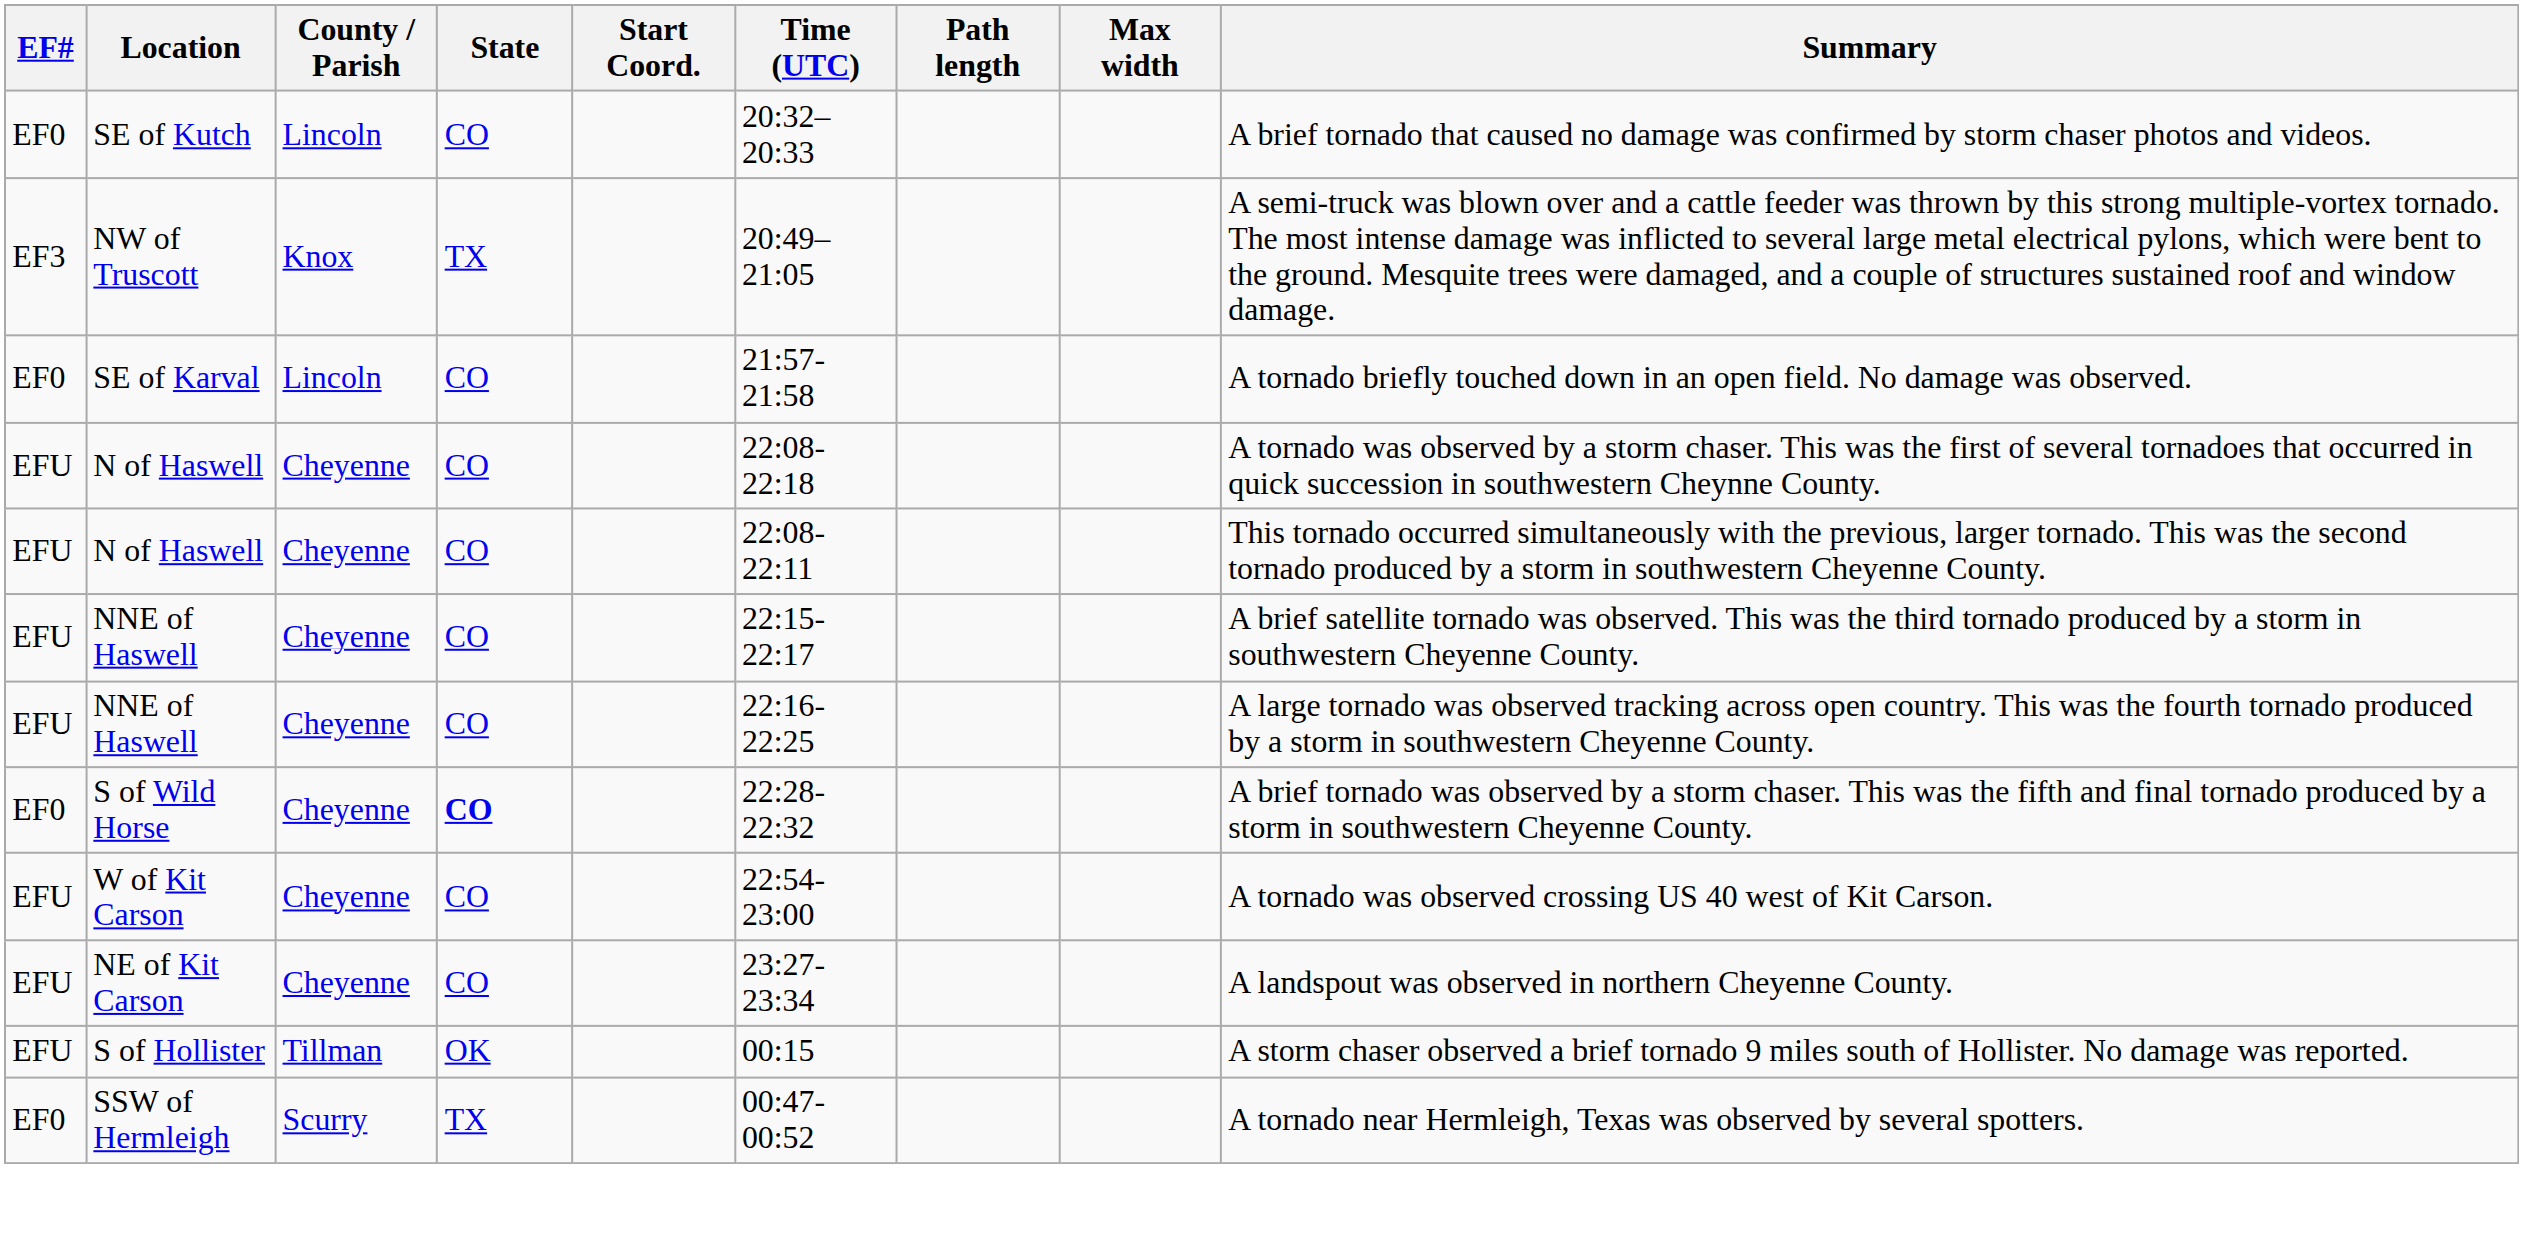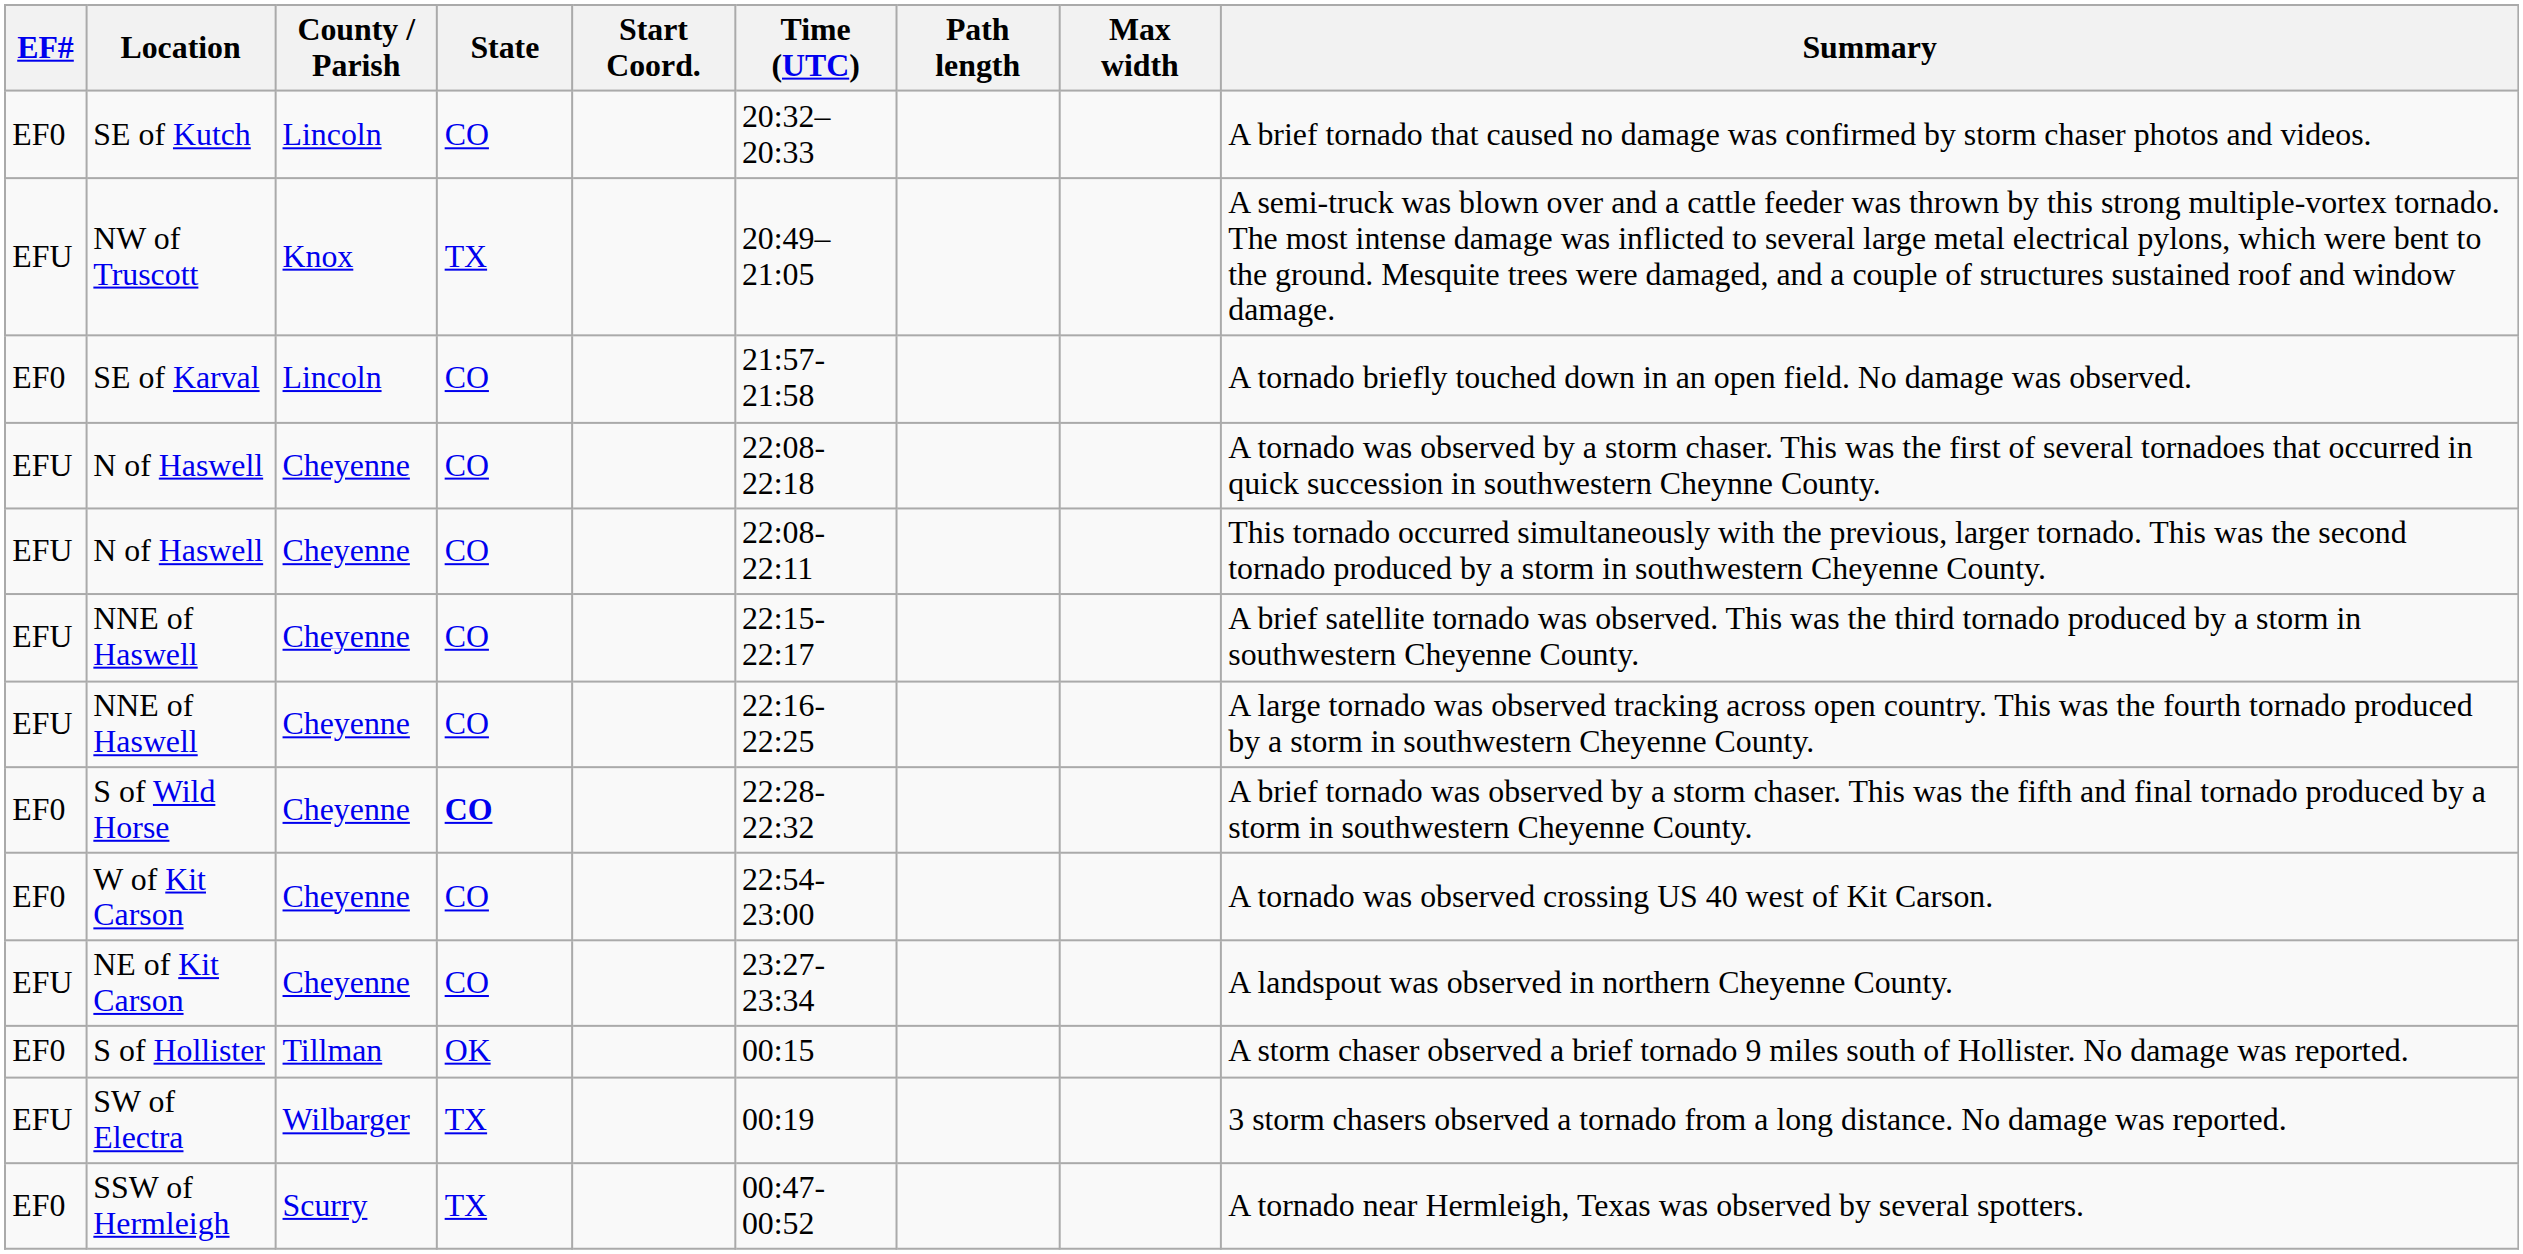 <table class="wikitable sortable" style="width:100%;">
 <tr>
 <th scope="col"  style="width:3%; text-align:center;"><a href='#'>EF#</a></th>
 <th scope="col"  style="width:7%; text-align:center;" class="unsortable">Location</th>
 <th scope="col"  style="width:6%; text-align:center;" class="unsortable">County / Parish</th>
 <th scope="col"  style="width:5%; text-align:center;">State</th>
 <th scope="col"  style="width:6%; text-align:center;">Start Coord.</th>
 <th scope="col"  style="width:6%; text-align:center;">Time (<a href='#'>UTC</a>)</th>
 <th scope="col"  style="width:6%; text-align:center;">Path length</th>
 <th scope="col"  style="width:6%; text-align:center;">Max width</th>
 <th scope="col" class="unsortable" style="width:48%; text-align:center;">Summary</th>
 </tr>
 <tr>
 <td>EF0</td>
 <td>SE of <a href='#'>Kutch</a></td>
 <td><a href='#'>Lincoln</a></td>
 <td><a href='#'>CO</a></td>
 <td></td>
 <td>20:32–20:33</td>
 <td></td>
 <td></td>
 <td>A brief tornado that caused no damage was confirmed by storm chaser photos and videos.</td>
 </tr>
 <tr>
-<td>EF3</td>
+<td>EFU</td>
 <td>NW of <a href='#'>Truscott</a></td>
 <td><a href='#'>Knox</a></td>
 <td><a href='#'>TX</a></td>
 <td></td>
 <td>20:49–21:05</td>
 <td></td>
 <td></td>
 <td>A semi-truck was blown over and a  cattle feeder was thrown  by this strong multiple-vortex tornado. The most intense damage was inflicted to several large metal electrical pylons, which were bent to the ground. Mesquite trees were damaged, and a couple of structures sustained roof and window damage.</td>
 </tr>
 <tr>
 <td>EF0</td>
 <td>SE of <a href='#'>Karval</a></td>
 <td><a href='#'>Lincoln</a></td>
 <td><a href='#'>CO</a></td>
 <td></td>
 <td>21:57-21:58</td>
 <td></td>
 <td></td>
 <td>A tornado briefly touched down in an open field. No damage was observed.</td>
 </tr>
 <tr>
 <td>EFU</td>
 <td>N of <a href='#'>Haswell</a></td>
 <td><a href='#'>Cheyenne</a></td>
 <td><a href='#'>CO</a></td>
 <td></td>
 <td>22:08-22:18</td>
 <td></td>
 <td></td>
 <td>A tornado was observed by a storm chaser. This was the first of several tornadoes that occurred in quick succession in southwestern Cheynne County.</td>
 </tr>
 <tr>
 <td>EFU</td>
 <td>N of <a href='#'>Haswell</a></td>
 <td><a href='#'>Cheyenne</a></td>
 <td><a href='#'>CO</a></td>
 <td></td>
 <td>22:08-22:11</td>
 <td></td>
 <td></td>
 <td>This tornado occurred simultaneously with the previous, larger tornado. This was the second tornado produced by a storm in southwestern Cheyenne County.</td>
 </tr>
 <tr>
 <td>EFU</td>
 <td>NNE of <a href='#'>Haswell</a></td>
 <td><a href='#'>Cheyenne</a></td>
 <td><a href='#'>CO</a></td>
 <td></td>
 <td>22:15-22:17</td>
 <td></td>
 <td></td>
 <td>A brief satellite tornado was observed. This was the third tornado produced by a storm in southwestern Cheyenne County.</td>
 </tr>
 <tr>
 <td>EFU</td>
 <td>NNE of <a href='#'>Haswell</a></td>
 <td><a href='#'>Cheyenne</a></td>
 <td><a href='#'>CO</a></td>
 <td></td>
 <td>22:16-22:25</td>
 <td></td>
 <td></td>
 <td>A large tornado was observed tracking across open country. This was the fourth tornado produced by a storm in southwestern Cheyenne County.</td>
 </tr>
 <tr>
 <td>EF0</td>
 <td>S of <a href='#'>Wild Horse</a></td>
 <td><a href='#'>Cheyenne</a></td>
 <td><strong><a href='#'>CO</a></strong></td>
 <td></td>
 <td>22:28-22:32</td>
 <td></td>
 <td></td>
 <td>A brief tornado was observed by a storm chaser. This was the fifth and final tornado produced by a storm in southwestern Cheyenne County.</td>
 </tr>
 <tr>
-<td>EFU</td>
+<td>EF0</td>
 <td>W of <a href='#'>Kit Carson</a></td>
 <td><a href='#'>Cheyenne</a></td>
 <td><a href='#'>CO</a></td>
 <td></td>
 <td>22:54-23:00</td>
 <td></td>
 <td></td>
 <td>A tornado was observed crossing US 40 west of Kit Carson.</td>
 </tr>
 <tr>
 <td>EFU</td>
 <td>NE of <a href='#'>Kit Carson</a></td>
 <td><a href='#'>Cheyenne</a></td>
 <td><a href='#'>CO</a></td>
 <td></td>
 <td>23:27-23:34</td>
 <td></td>
 <td></td>
 <td>A landspout was observed in northern Cheyenne County.</td>
 </tr>
 <tr>
-<td>EFU</td>
+<td>EF0</td>
 <td>S of <a href='#'>Hollister</a></td>
 <td><a href='#'>Tillman</a></td>
 <td><a href='#'>OK</a></td>
 <td></td>
 <td>00:15</td>
 <td></td>
 <td></td>
 <td>A storm chaser observed a brief tornado 9 miles south of Hollister. No damage was reported.</td>
+</tr>
+<tr>
+<td>EFU</td>
+<td>SW of <a href='#'>Electra</a></td>
+<td><a href='#'>Wilbarger</a></td>
+<td><a href='#'>TX</a></td>
+<td></td>
+<td>00:19</td>
+<td></td>
+<td></td>
+<td>3 storm chasers observed a tornado from a long distance. No damage was reported.</td>
 </tr>
 <tr>
 <td>EF0</td>
 <td>SSW of <a href='#'>Hermleigh</a></td>
 <td><a href='#'>Scurry</a></td>
 <td><a href='#'>TX</a></td>
 <td></td>
 <td>00:47-00:52</td>
 <td></td>
 <td></td>
 <td>A tornado near Hermleigh, Texas was observed by several spotters.</td>
 </tr>
 </table>
